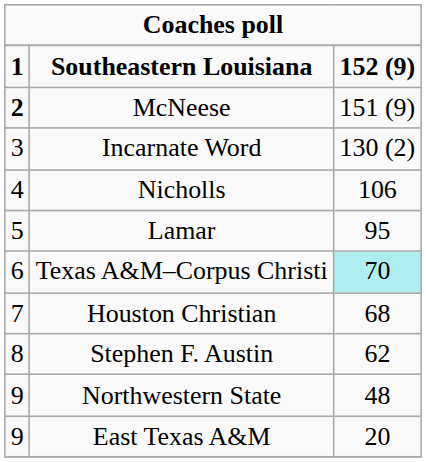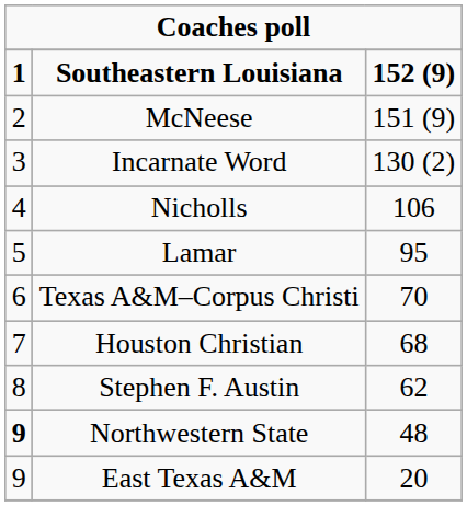 <table class="wikitable">
 <tr align="center">
 <td align="center" Colspan="3"><strong>Coaches poll</strong></td>
 </tr>
 <tr align="center">
 </tr>
 <tr align="center">
 <td><strong>1</strong></td>
 <td><strong>Southeastern Louisiana</strong></td>
 <td><strong>152 (9)</strong></td>
 </tr>
 <tr align="center">
-<td><strong>2</strong></td>
+<td>2</td>
 <td>McNeese</td>
 <td>151 (9)</td>
 </tr>
 <tr align="center">
 <td>3</td>
 <td>Incarnate Word</td>
 <td>130 (2)</td>
 </tr>
 <tr align="center">
 <td>4</td>
 <td>Nicholls</td>
 <td>106</td>
 </tr>
 <tr align="center">
 <td>5</td>
 <td>Lamar</td>
 <td>95</td>
 </tr>
 <tr align="center">
 <td>6</td>
 <td>Texas A&M–Corpus Christi</td>
-<td style="background: paleturquoise;">70</td>
+<td>70</td>
 </tr>
 <tr align="center">
 <td>7</td>
 <td>Houston Christian</td>
 <td>68</td>
 </tr>
 <tr align="center">
 <td>8</td>
 <td>Stephen F. Austin</td>
 <td>62</td>
 </tr>
 <tr align="center">
-<td>9</td>
+<td><strong>9</strong></td>
 <td>Northwestern State</td>
 <td>48</td>
 </tr>
 <tr align="center">
 <td>9</td>
 <td>East Texas A&M</td>
 <td>20</td>
 </tr>
 <tr align="center">
 </tr>
 </table>
